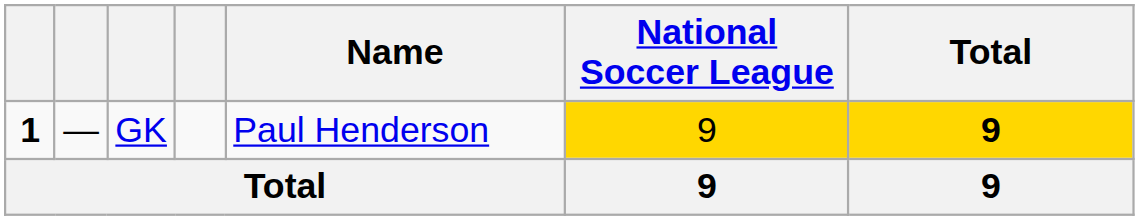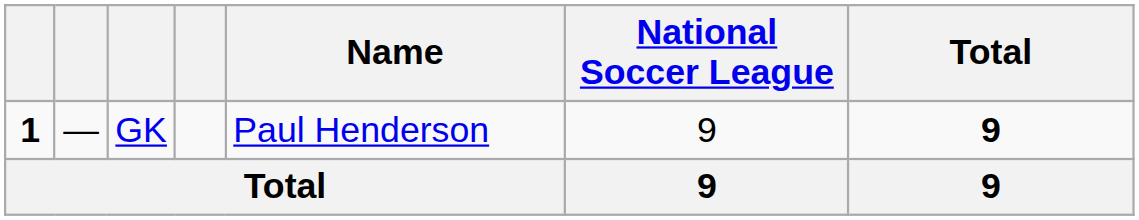 <table class="wikitable" style="text-align:center">
 <tr>
 <th width=15></th>
 <th width=15></th>
 <th width=15></th>
 <th width=15></th>
 <th width=145>Name</th>
 <th width=120><a href='#'>National Soccer League</a></th>
 <th width=120>Total</th>
 </tr>
 <tr>
 <td><strong>1</strong></td>
 <td>—</td>
 <td><a href='#'>GK</a></td>
 <td></td>
 <td align=left><a href='#'>Paul Henderson</a></td>
-<td style="background: gold;">9</td>
-<td style="background: gold;"><strong>9</strong></td>
+<td>9</td>
+<td><strong>9</strong></td>
 </tr>
 <tr>
 <th colspan="5"><strong>Total</strong></th>
 <th>9</th>
 <th>9</th>
 </tr>
 </table>
